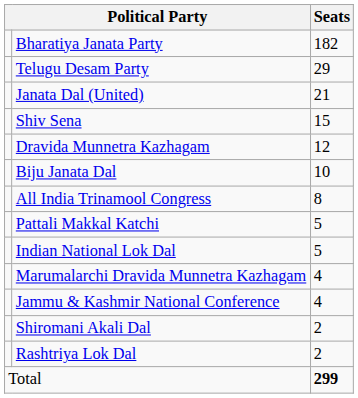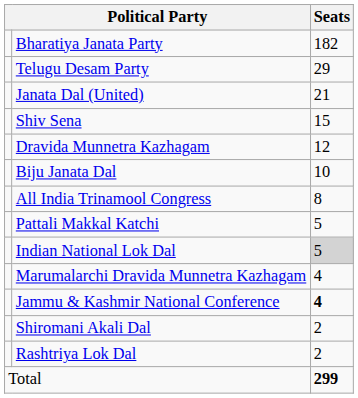 <table class="wikitable">
 <tr>
 <th colspan="2">Political Party</th>
 <th>Seats</th>
 </tr>
 <tr>
 <td style="background-color:"></td>
 <td><a href='#'>Bharatiya Janata Party</a></td>
 <td>182</td>
 </tr>
 <tr>
 <td style="background-color:"></td>
 <td><a href='#'>Telugu Desam Party</a></td>
 <td>29</td>
 </tr>
 <tr>
 <td style="background-color:"></td>
 <td><a href='#'>Janata Dal (United)</a></td>
 <td>21</td>
 </tr>
 <tr>
 <td style="background-color:"></td>
 <td><a href='#'>Shiv Sena</a></td>
 <td>15</td>
 </tr>
 <tr>
 <td style="background-color:"></td>
 <td><a href='#'>Dravida Munnetra Kazhagam</a></td>
 <td>12</td>
 </tr>
 <tr>
 <td style="background-color:"></td>
 <td><a href='#'>Biju Janata Dal</a></td>
 <td>10</td>
 </tr>
 <tr>
 <td style="background-color:"></td>
 <td><a href='#'>All India Trinamool Congress</a></td>
 <td>8</td>
 </tr>
 <tr>
 <td style="background-color:"></td>
 <td><a href='#'>Pattali Makkal Katchi</a></td>
 <td>5</td>
 </tr>
 <tr>
 <td style="background-color:"></td>
 <td><a href='#'>Indian National Lok Dal</a></td>
-<td>5</td>
+<td style="background: lightgrey;">5</td>
 </tr>
 <tr>
 <td style="background-color:"></td>
 <td><a href='#'>Marumalarchi Dravida Munnetra Kazhagam</a></td>
 <td>4</td>
 </tr>
 <tr>
 <td style="background-color:"></td>
 <td><a href='#'>Jammu & Kashmir National Conference</a></td>
-<td>4</td>
+<td><strong>4</strong></td>
 </tr>
 <tr>
 <td style="background-color:"></td>
 <td><a href='#'>Shiromani Akali Dal</a></td>
 <td>2</td>
 </tr>
 <tr>
 <td style="background-color:"></td>
 <td><a href='#'>Rashtriya Lok Dal</a></td>
 <td>2</td>
 </tr>
 <tr>
 <td colspan=2>Total</td>
 <td><strong>299</strong></td>
 </tr>
 </table>
